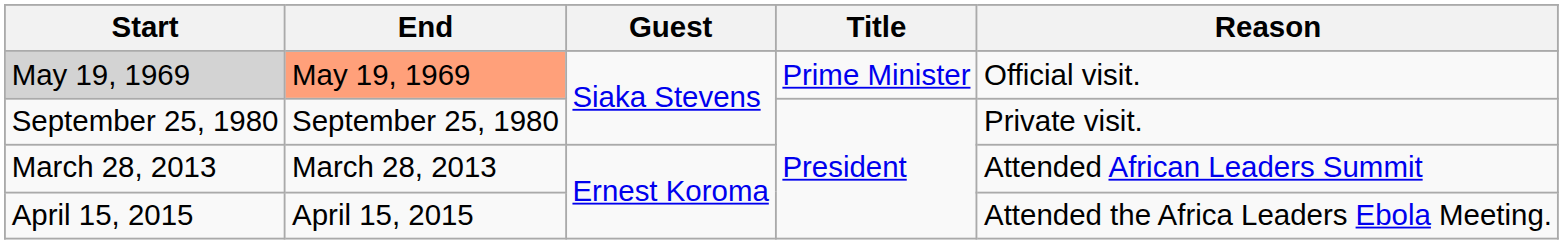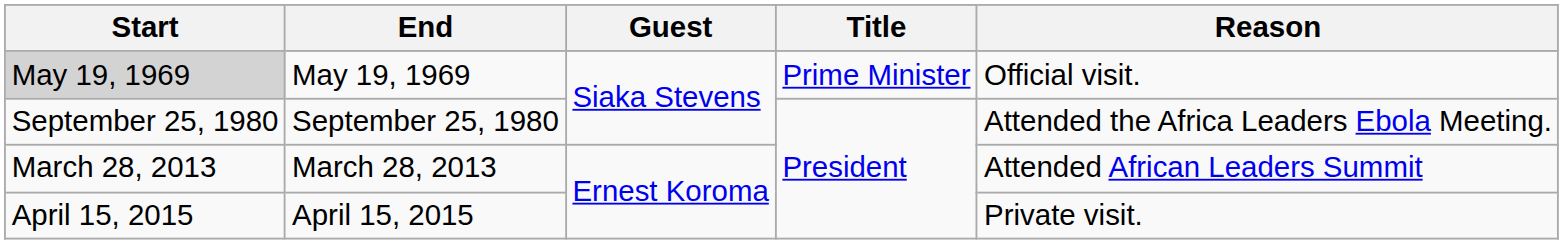 <table class="wikitable sortable">
 <tr>
 <th>Start</th>
 <th>End</th>
 <th>Guest</th>
 <th>Title</th>
 <th>Reason</th>
 </tr>
 <tr>
 <td style="background: lightgrey;">May 19, 1969</td>
-<td style="background: lightsalmon;">May 19, 1969</td>
+<td>May 19, 1969</td>
 <td rowspan=2><a href='#'>Siaka Stevens</a></td>
 <td><a href='#'>Prime Minister</a></td>
 <td>Official visit.</td>
 </tr>
 <tr>
 <td>September 25, 1980</td>
 <td>September 25, 1980</td>
 <td rowspan=3><a href='#'>President</a></td>
-<td>Private visit.</td>
+<td>Attended the Africa Leaders <a href='#'>Ebola</a> Meeting.</td>
 </tr>
 <tr>
 <td>March 28, 2013</td>
 <td>March 28, 2013</td>
 <td rowspan=2><a href='#'>Ernest Koroma</a></td>
 <td>Attended <a href='#'>African Leaders Summit</a></td>
 </tr>
 <tr>
 <td>April 15, 2015</td>
 <td>April 15, 2015</td>
-<td>Attended the Africa Leaders <a href='#'>Ebola</a> Meeting.</td>
+<td>Private visit.</td>
 </tr>
 </table>
